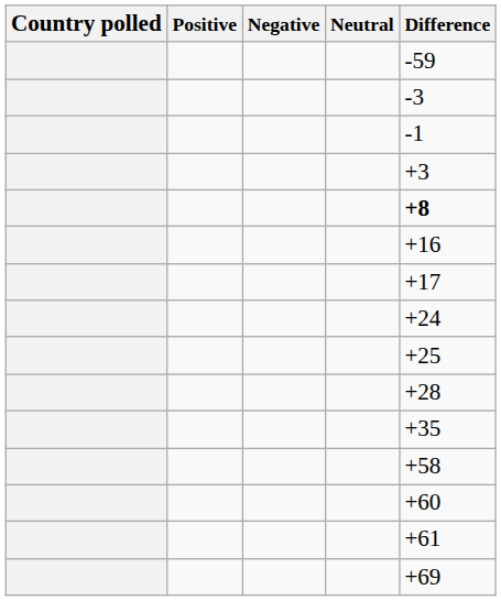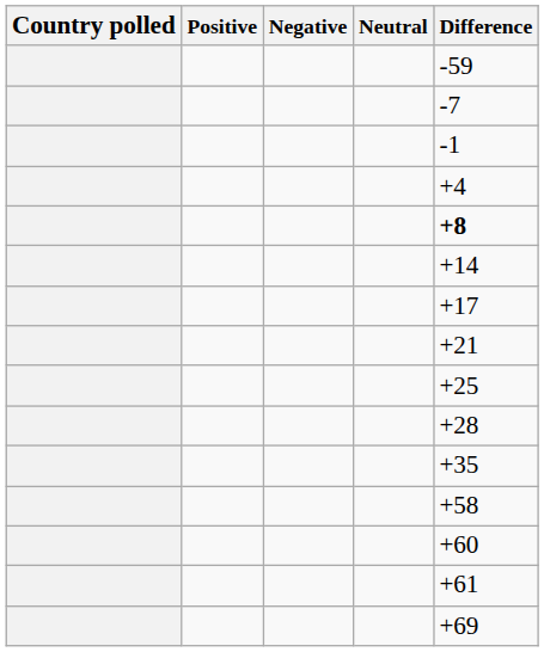 <table class="wikitable sortable floatright plainrowheaders" style="border:1px black; float:right; margin-left:1em;">
 <tr>
 <th scope="col">Country polled</th>
 <th scope="col"><small>Positive</small></th>
 <th scope="col"><small>Negative</small></th>
 <th scope="col"><small>Neutral</small></th>
 <th scope="col"><small>Difference</small></th>
 </tr>
 <tr>
 <th scope="row"></th>
 <td></td>
 <td></td>
 <td></td>
 <td><span>-59</span></td>
 </tr>
 <tr>
 <th scope="row"></th>
 <td></td>
 <td></td>
 <td></td>
-<td><span>-3</span></td>
+<td><span>-7</span></td>
 </tr>
 <tr>
 <th scope="row"></th>
 <td></td>
 <td></td>
 <td></td>
 <td><span>-1</span></td>
 </tr>
 <tr>
 <th scope="row"></th>
 <td></td>
 <td></td>
 <td></td>
-<td><span>+3</span></td>
+<td><span>+4</span></td>
 </tr>
 <tr>
 <th scope="row"></th>
 <td></td>
 <td></td>
 <td></td>
 <td><strong><span>+8</span></strong></td>
 </tr>
 <tr>
 <th scope="row"></th>
 <td></td>
 <td></td>
 <td></td>
-<td><span>+16</span></td>
+<td><span>+14</span></td>
 </tr>
 <tr>
 <th scope="row"></th>
 <td></td>
 <td></td>
 <td></td>
 <td><span>+17</span></td>
 </tr>
 <tr>
 <th scope="row"></th>
 <td></td>
 <td></td>
 <td></td>
-<td><span>+24</span></td>
+<td><span>+21</span></td>
 </tr>
 <tr>
 <th scope="row"></th>
 <td></td>
 <td></td>
 <td></td>
 <td><span>+25</span></td>
 </tr>
 <tr>
 <th scope="row"></th>
 <td></td>
 <td></td>
 <td></td>
 <td><span>+28</span></td>
 </tr>
 <tr>
 <th scope="row"></th>
 <td></td>
 <td></td>
 <td></td>
 <td><span>+35</span></td>
 </tr>
 <tr>
 <th scope="row"></th>
 <td></td>
 <td></td>
 <td></td>
 <td><span>+58</span></td>
 </tr>
 <tr>
 <th scope="row"></th>
 <td></td>
 <td></td>
 <td></td>
 <td><span>+60</span></td>
 </tr>
 <tr>
 <th scope="row"></th>
 <td></td>
 <td></td>
 <td></td>
 <td><span>+61</span></td>
 </tr>
 <tr>
 <th scope="row"></th>
 <td></td>
 <td></td>
 <td></td>
 <td><span>+69</span></td>
 </tr>
 <tr>
 </tr>
 </table>
